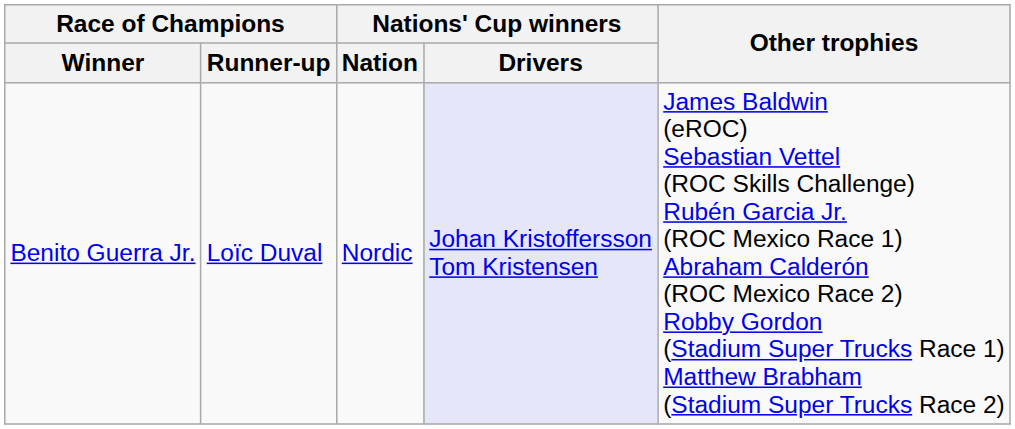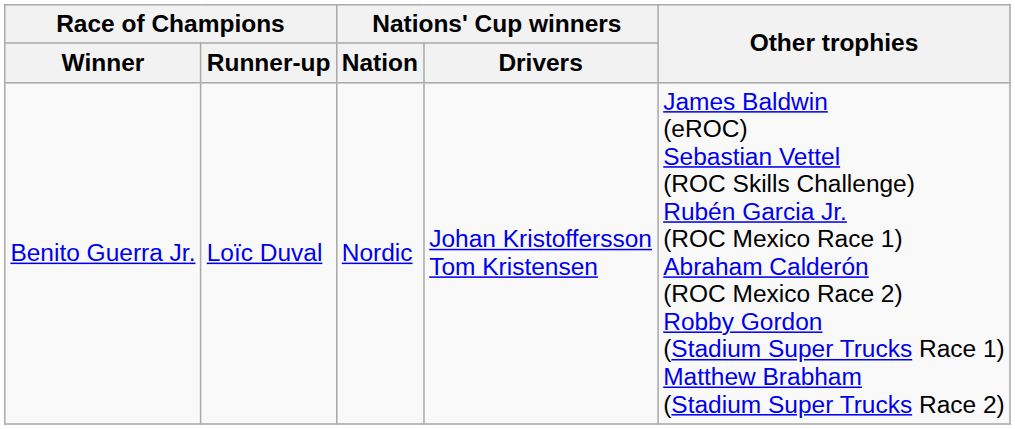 <table class="wikitable">
 <tr>
 <th colspan=2>Race of Champions</th>
 <th colspan=2>Nations' Cup winners</th>
 <th rowspan=2>Other trophies</th>
 </tr>
 <tr>
 <th>Winner</th>
 <th>Runner-up</th>
 <th>Nation</th>
 <th>Drivers</th>
 </tr>
 <tr>
 <td> <a href='#'>Benito Guerra Jr.</a></td>
 <td> <a href='#'>Loïc Duval</a></td>
 <td> <a href='#'>Nordic</a></td>
-<td style="background: lavender;"><a href='#'>Johan Kristoffersson</a><br><a href='#'>Tom Kristensen</a></td>
+<td><a href='#'>Johan Kristoffersson</a><br><a href='#'>Tom Kristensen</a></td>
 <td> <a href='#'>James Baldwin</a><br>(eROC)<br> <a href='#'>Sebastian Vettel</a><br>(ROC Skills Challenge)<br> <a href='#'>Rubén Garcia Jr.</a><br>(ROC Mexico Race 1)<br> <a href='#'>Abraham Calderón</a><br>(ROC Mexico Race 2)<br> <a href='#'>Robby Gordon</a><br>(<a href='#'>Stadium Super Trucks</a> Race 1)<br> <a href='#'>Matthew Brabham</a><br>(<a href='#'>Stadium Super Trucks</a> Race 2)</td>
 </tr>
 </table>
